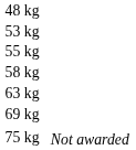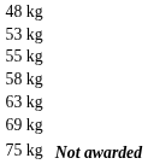 <table>
 <tr>
 <td rowspan=2>48 kg<br></td>
 <td rowspan=2></td>
 <td rowspan=2></td>
 <td></td>
 </tr>
 <tr>
 <td></td>
 </tr>
 <tr>
 <td rowspan=2>53 kg<br></td>
 <td rowspan=2></td>
 <td rowspan=2></td>
 <td></td>
 </tr>
 <tr>
 <td></td>
 </tr>
 <tr>
 <td rowspan=2>55 kg<br></td>
 <td rowspan=2></td>
 <td rowspan=2></td>
 <td></td>
 </tr>
 <tr>
 <td></td>
 </tr>
 <tr>
 <td rowspan=2>58 kg<br></td>
 <td rowspan=2></td>
 <td rowspan=2></td>
 <td></td>
 </tr>
 <tr>
 <td></td>
 </tr>
 <tr>
 <td rowspan=2>63 kg<br></td>
 <td rowspan=2></td>
 <td rowspan=2></td>
 <td></td>
 </tr>
 <tr>
 <td></td>
 </tr>
 <tr>
 <td rowspan=2>69 kg<br></td>
 <td rowspan=2></td>
 <td rowspan=2></td>
 <td></td>
 </tr>
 <tr>
 <td></td>
 </tr>
 <tr>
 <td rowspan=2>75 kg<br></td>
 <td rowspan=2></td>
 <td rowspan=2></td>
 <td></td>
 </tr>
 <tr>
-<td><em>Not awarded</em></td>
+<td><strong><em>Not awarded</em></strong></td>
 </tr>
 </table>
